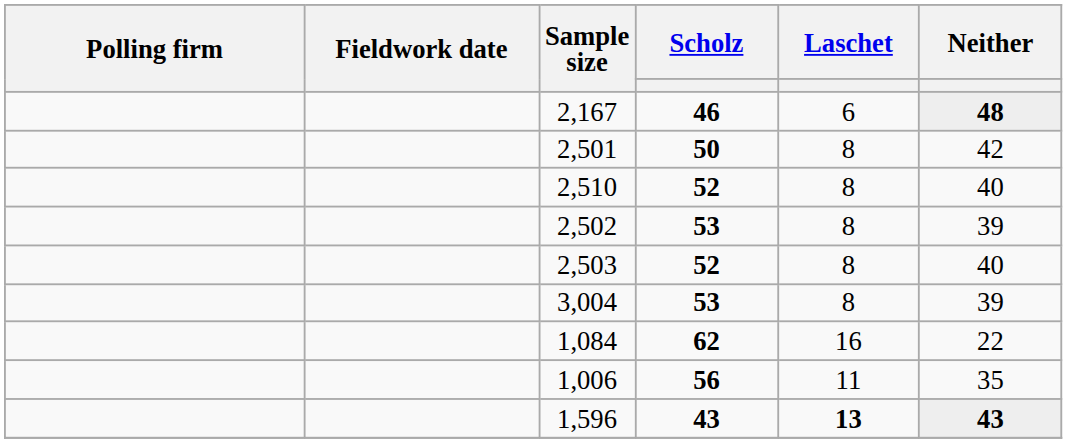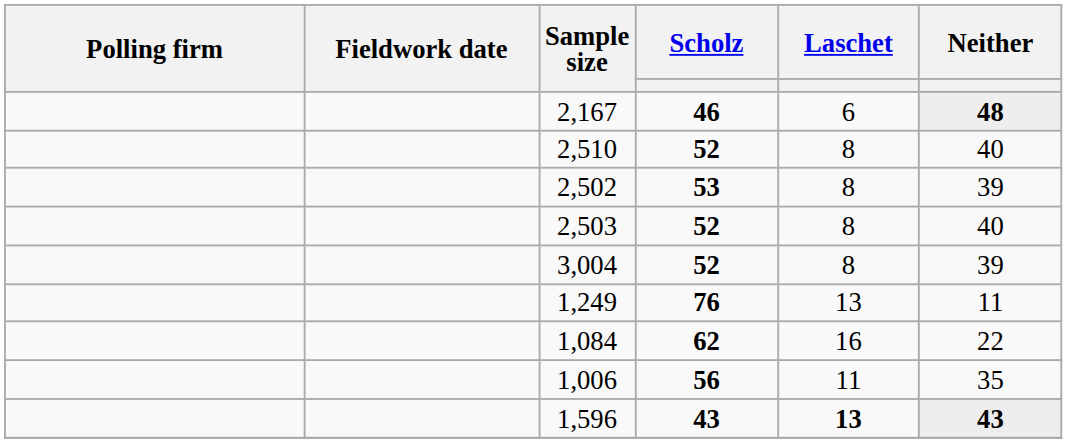 <table class="wikitable sortable mw-datatable" style="text-align:center;font-size:90%;line-height:14px;">
 <tr style="height:40px;">
 <th style="width:155px;" rowspan="2">Polling firm</th>
 <th style="width:120px;" rowspan="2">Fieldwork date</th>
 <th style="width: 35px;" rowspan="2">Sample<br>size</th>
 <th class="unsortable" style="width:70px;"><a href='#'>Scholz</a><br></th>
 <th class="unsortable" style="width:70px;"><a href='#'>Laschet</a><br></th>
 <th class="unsortable" style="width:70px;">Neither</th>
 </tr>
 <tr>
 <th style="background:"></th>
 <th style="background:"></th>
 <th style="background:"></th>
 </tr>
 <tr>
 <td></td>
 <td></td>
 <td>2,167</td>
 <td><strong>46</strong></td>
 <td>6</td>
 <td style="background:#EEEEEE;"><strong>48</strong></td>
-</tr>
-<tr>
-<td></td>
-<td></td>
-<td>2,501</td>
-<td><strong>50</strong></td>
-<td>8</td>
-<td>42</td>
 </tr>
 <tr>
 <td></td>
 <td></td>
 <td>2,510</td>
 <td><strong>52</strong></td>
 <td>8</td>
 <td>40</td>
 </tr>
 <tr>
 <td></td>
 <td></td>
 <td>2,502</td>
 <td><strong>53</strong></td>
 <td>8</td>
 <td>39</td>
 </tr>
 <tr>
 <td></td>
 <td></td>
 <td>2,503</td>
 <td><strong>52</strong></td>
 <td>8</td>
 <td>40</td>
 </tr>
 <tr>
 <td></td>
 <td></td>
 <td>3,004</td>
-<td><strong>53</strong></td>
+<td><strong>52</strong></td>
 <td>8</td>
 <td>39</td>
+</tr>
+<tr>
+<td></td>
+<td></td>
+<td>1,249</td>
+<td><strong>76</strong></td>
+<td>13</td>
+<td>11</td>
 </tr>
 <tr>
 <td></td>
 <td></td>
 <td>1,084</td>
 <td><strong>62</strong></td>
 <td>16</td>
 <td>22</td>
 </tr>
 <tr>
 <td></td>
 <td></td>
 <td>1,006</td>
 <td><strong>56</strong></td>
 <td>11</td>
 <td>35</td>
 </tr>
 <tr>
 <td></td>
 <td></td>
 <td>1,596</td>
 <td><strong>43</strong></td>
 <td><strong>13</strong></td>
 <td style="background:#EEEEEE;"><strong>43</strong></td>
 </tr>
 <tr>
 </tr>
 </table>
